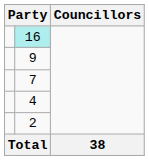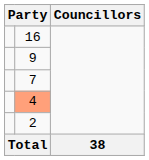 <table class="wikitable">
 <tr>
 <th colspan=2>Party</th>
 <th>Councillors</th>
 </tr>
 <tr>
 <td></td>
-<td align=center style="background: paleturquoise;">16</td>
+<td align=center>16</td>
 </tr>
 <tr>
 <td></td>
 <td align=center>9</td>
 </tr>
 <tr>
 <td></td>
 <td align=center>7</td>
 </tr>
 <tr>
 <td></td>
-<td align=center>4</td>
+<td align=center style="background: lightsalmon;">4</td>
 </tr>
 <tr>
 <td></td>
 <td align=center>2</td>
 </tr>
 <tr>
 <th colspan=2>Total</th>
 <th align=center>38</th>
 </tr>
 </table>
